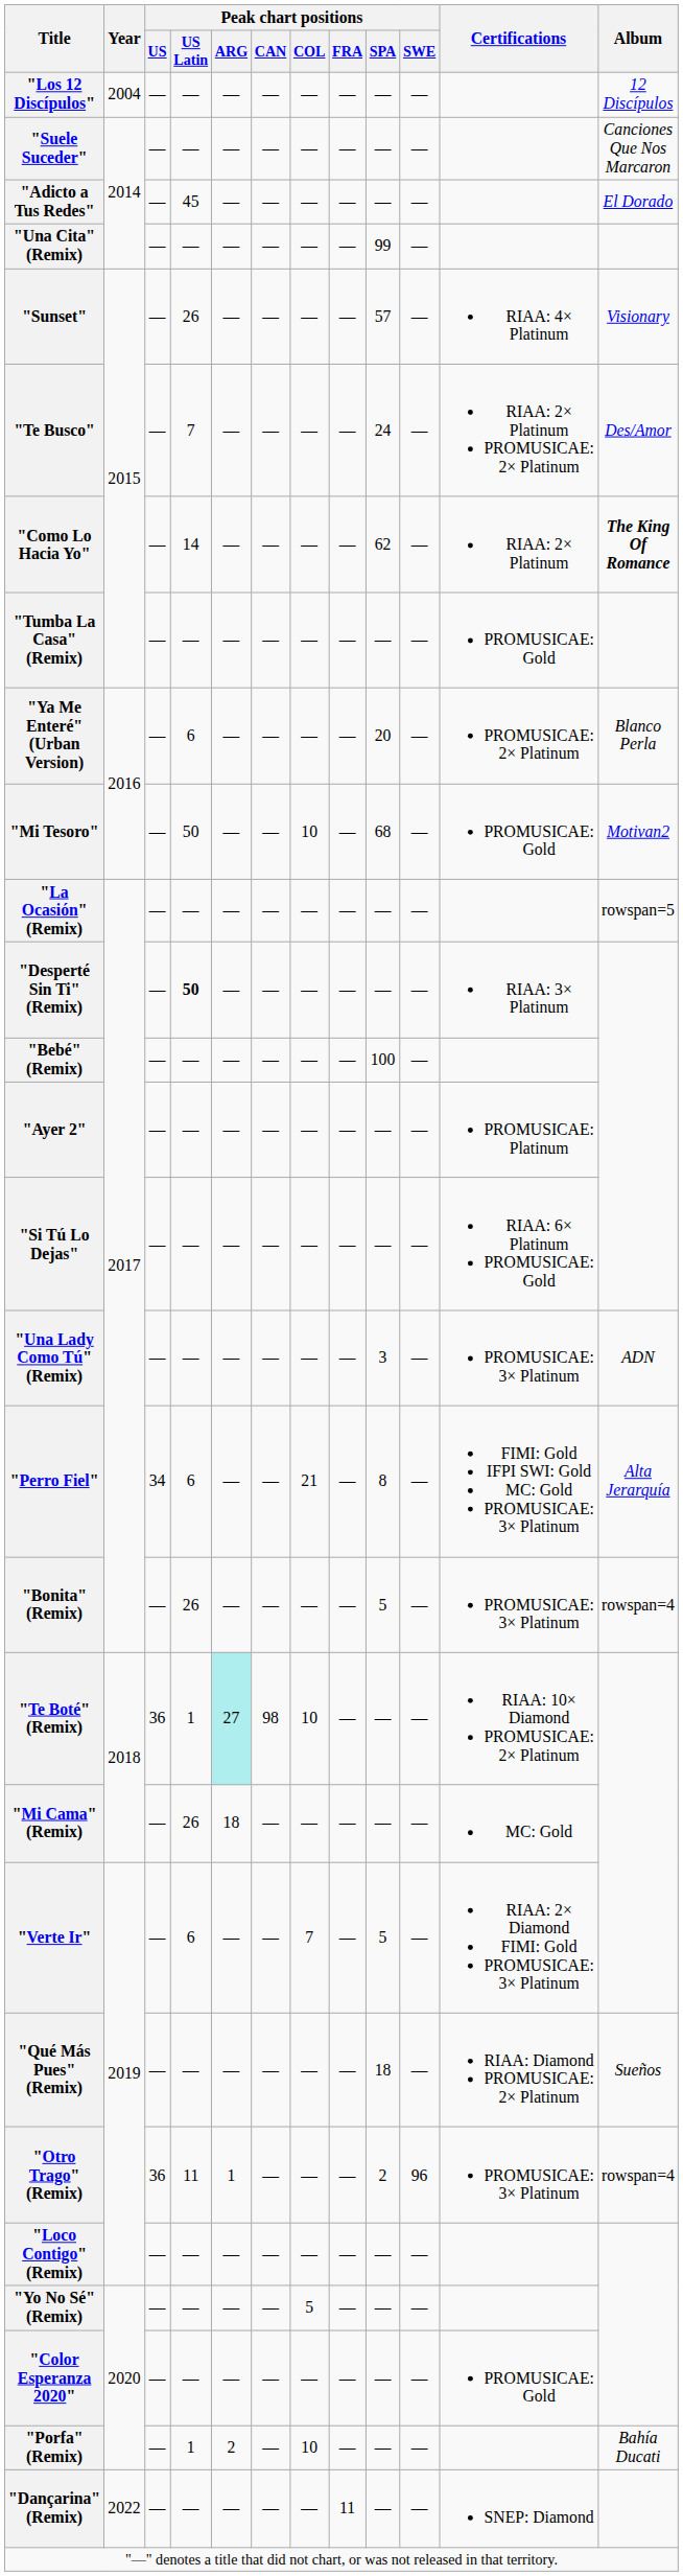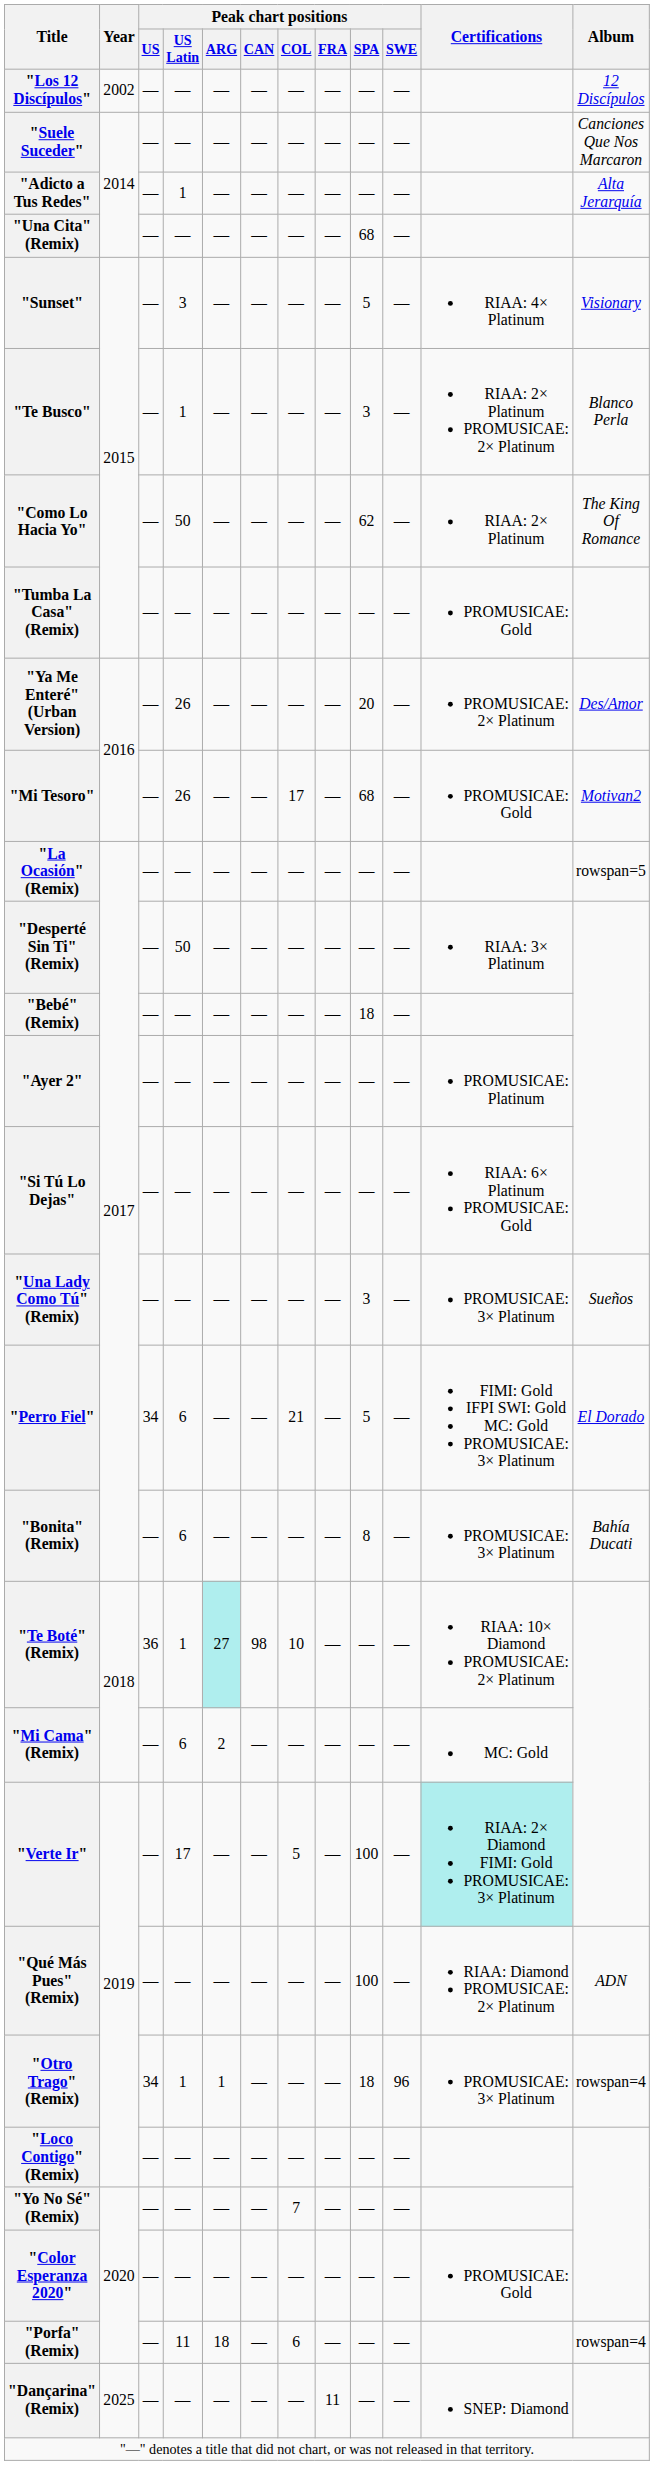 <table class="wikitable plainrowheaders" style="text-align:center;">
 <tr>
 <th scope="col" rowspan="2" style="width:15em;">Title</th>
 <th scope="col" rowspan="2">Year</th>
 <th colspan="8" scope="col">Peak chart positions</th>
 <th scope="col" rowspan="2" style="width:16em;"><a href='#'>Certifications</a></th>
 <th scope="col" rowspan="2">Album</th>
 </tr>
 <tr>
 <th scope="col" style="width:2.5em;font-size:90%;"><a href='#'>US</a><br></th>
 <th scope="col" style="width:2.5em;font-size:90%;"><a href='#'>US<br>Latin</a><br></th>
 <th scope="col" style="width:2.5em;font-size:90%;"><a href='#'>ARG</a><br></th>
 <th scope="col" style="width:2.5em;font-size:90%;"><a href='#'>CAN</a><br></th>
 <th scope="col" style="width:2.5em;font-size:90%;"><a href='#'>COL</a><br></th>
 <th scope="col" style="width:2.5em;font-size:90%;"><a href='#'>FRA</a><br></th>
 <th scope="col" style="width:2.5em;font-size:90%;"><a href='#'>SPA</a><br></th>
 <th scope="col" style="width:2.5em;font-size:90%;"><a href='#'>SWE</a><br></th>
 </tr>
 <tr>
 <th scope="row">"<a href='#'>Los 12 Discípulos</a>"<br></th>
-<td>2004</td>
+<td>2002</td>
 <td>—</td>
 <td>—</td>
 <td>—</td>
 <td>—</td>
 <td>—</td>
 <td>—</td>
 <td>—</td>
 <td>—</td>
 <td></td>
 <td><em><a href='#'>12 Discípulos</a></em></td>
 </tr>
 <tr>
 <th scope="row">"<a href='#'>Suele Suceder</a>"<br></th>
 <td rowspan=3>2014</td>
 <td>—</td>
 <td>—</td>
 <td>—</td>
 <td>—</td>
 <td>—</td>
 <td>—</td>
 <td>—</td>
 <td>—</td>
 <td></td>
 <td><em>Canciones Que Nos Marcaron</em></td>
 </tr>
 <tr>
 <th scope="row">"Adicto a Tus Redes"<br></th>
 <td>—</td>
-<td>45</td>
+<td>1</td>
 <td>—</td>
 <td>—</td>
 <td>—</td>
 <td>—</td>
 <td>—</td>
 <td>—</td>
 <td></td>
-<td><em><a href='#'>El Dorado</a></em></td>
+<td><em><a href='#'>Alta Jerarquía</a></em></td>
 </tr>
 <tr>
 <th scope="row">"Una Cita" (Remix)<br></th>
 <td>—</td>
 <td>—</td>
 <td>—</td>
 <td>—</td>
 <td>—</td>
 <td>—</td>
-<td>99</td>
+<td>68</td>
 <td>—</td>
 <td></td>
 <td></td>
 </tr>
 <tr>
 <th scope="row">"Sunset"<br></th>
 <td rowspan=4>2015</td>
 <td>—</td>
-<td>26</td>
+<td>3</td>
 <td>—</td>
 <td>—</td>
 <td>—</td>
 <td>—</td>
-<td>57</td>
+<td>5</td>
 <td>—</td>
 <td><br><ul><li>RIAA: 4× Platinum </li></ul></td>
 <td><em><a href='#'>Visionary</a></em></td>
 </tr>
 <tr>
 <th scope="row">"Te Busco"<br></th>
 <td>—</td>
-<td>7</td>
+<td>1</td>
 <td>—</td>
 <td>—</td>
 <td>—</td>
 <td>—</td>
-<td>24</td>
+<td>3</td>
 <td>—</td>
 <td><br><ul><li>RIAA: 2× Platinum </li><li>PROMUSICAE: 2× Platinum</li></ul></td>
-<td><em><a href='#'>Des/Amor</a></em></td>
+<td><em>Blanco Perla</em></td>
 </tr>
 <tr>
 <th scope="row">"Como Lo Hacia Yo"<br></th>
 <td>—</td>
-<td>14</td>
+<td>50</td>
 <td>—</td>
 <td>—</td>
 <td>—</td>
 <td>—</td>
 <td>62</td>
 <td>—</td>
 <td><br><ul><li>RIAA: 2× Platinum </li></ul></td>
-<td><strong><em>The King Of Romance</em></strong></td>
+<td><em>The King Of Romance</em></td>
 </tr>
 <tr>
 <th scope="row">"Tumba La Casa" (Remix)<br></th>
 <td>—</td>
 <td>—</td>
 <td>—</td>
 <td>—</td>
 <td>—</td>
 <td>—</td>
 <td>—</td>
 <td>—</td>
 <td><br><ul><li>PROMUSICAE: Gold</li></ul></td>
 <td></td>
 </tr>
 <tr>
 <th scope="row">"Ya Me Enteré" (Urban Version)<br></th>
 <td rowspan=2>2016</td>
 <td>—</td>
-<td>6</td>
+<td>26</td>
 <td>—</td>
 <td>—</td>
 <td>—</td>
 <td>—</td>
 <td>20</td>
 <td>—</td>
 <td><br><ul><li>PROMUSICAE: 2× Platinum</li></ul></td>
-<td><em>Blanco Perla</em></td>
+<td><em><a href='#'>Des/Amor</a></em></td>
 </tr>
 <tr>
 <th scope="row">"Mi Tesoro"<br></th>
 <td>—</td>
-<td>50</td>
+<td>26</td>
 <td>—</td>
 <td>—</td>
-<td>10</td>
+<td>17</td>
 <td>—</td>
 <td>68</td>
 <td>—</td>
 <td><br><ul><li>PROMUSICAE: Gold</li></ul></td>
 <td><em><a href='#'>Motivan2</a></em></td>
 </tr>
 <tr>
 <th scope="row ">"<a href='#'>La Ocasión</a>" (Remix)<br></th>
 <td rowspan="8">2017</td>
 <td>—</td>
 <td>—</td>
 <td>—</td>
 <td>—</td>
 <td>—</td>
 <td>—</td>
 <td>—</td>
 <td>—</td>
 <td></td>
 <td>rowspan=5 </td>
 </tr>
 <tr>
 <th scope="row ">"Desperté Sin Ti" (Remix)<br></th>
 <td>—</td>
-<td><strong>50</strong></td>
+<td>50</td>
 <td>—</td>
 <td>—</td>
 <td>—</td>
 <td>—</td>
 <td>—</td>
 <td>—</td>
 <td><br><ul><li>RIAA: 3× Platinum </li></ul></td>
 </tr>
 <tr>
 <th scope="row ">"Bebé" (Remix)<br></th>
 <td>—</td>
 <td>—</td>
 <td>—</td>
 <td>—</td>
 <td>—</td>
 <td>—</td>
-<td>100</td>
+<td>18</td>
 <td>—</td>
 <td></td>
 </tr>
 <tr>
 <th scope="row ">"Ayer 2"<br></th>
 <td>—</td>
 <td>—</td>
 <td>—</td>
 <td>—</td>
 <td>—</td>
 <td>—</td>
 <td>—</td>
 <td>—</td>
 <td><br><ul><li>PROMUSICAE: Platinum</li></ul></td>
 </tr>
 <tr>
 <th scope="row ">"Si Tú Lo Dejas"<br></th>
 <td>—</td>
 <td>—</td>
 <td>—</td>
 <td>—</td>
 <td>—</td>
 <td>—</td>
 <td>—</td>
 <td>—</td>
 <td><br><ul><li>RIAA: 6× Platinum </li><li>PROMUSICAE: Gold</li></ul></td>
 </tr>
 <tr>
 <th scope="row ">"<a href='#'>Una Lady Como Tú</a>" (Remix)<br></th>
 <td>—</td>
 <td>—</td>
 <td>—</td>
 <td>—</td>
 <td>—</td>
 <td>—</td>
 <td>3</td>
 <td>—</td>
 <td><br><ul><li>PROMUSICAE: 3× Platinum</li></ul></td>
-<td><em>ADN</em></td>
+<td><em>Sueños</em></td>
 </tr>
 <tr>
 <th scope="row ">"<a href='#'>Perro Fiel</a>"<br></th>
 <td>34</td>
 <td>6</td>
 <td>—</td>
 <td>—</td>
 <td>21</td>
 <td>—</td>
-<td>8</td>
+<td>5</td>
 <td>—</td>
 <td><br><ul><li>FIMI: Gold</li><li>IFPI SWI: Gold</li><li>MC: Gold</li><li>PROMUSICAE: 3× Platinum</li></ul></td>
-<td><em><a href='#'>Alta Jerarquía</a></em></td>
+<td><em><a href='#'>El Dorado</a></em></td>
 </tr>
 <tr>
 <th scope="row ">"Bonita" (Remix)<br></th>
 <td>—</td>
-<td>26</td>
+<td>6</td>
 <td>—</td>
 <td>—</td>
 <td>—</td>
 <td>—</td>
-<td>5</td>
+<td>8</td>
 <td>—</td>
 <td><br><ul><li>PROMUSICAE: 3× Platinum</li></ul></td>
-<td>rowspan=4 </td>
+<td><em>Bahía Ducati</em></td>
 </tr>
 <tr>
 <th scope="row">"<a href='#'>Te Boté</a>" (Remix)<br></th>
 <td rowspan=2>2018</td>
 <td>36</td>
 <td>1</td>
 <td style="background: paleturquoise;">27</td>
 <td>98</td>
 <td>10</td>
 <td>—</td>
 <td>—</td>
 <td>—</td>
 <td><br><ul><li>RIAA: 10× Diamond </li><li>PROMUSICAE: 2× Platinum</li></ul></td>
 </tr>
 <tr>
 <th scope="row">"<a href='#'>Mi Cama</a>" (Remix)<br></th>
 <td>—</td>
-<td>26</td>
-<td>18</td>
+<td>6</td>
+<td>2</td>
 <td>—</td>
 <td>—</td>
 <td>—</td>
 <td>—</td>
 <td>—</td>
 <td><br><ul><li>MC: Gold</li></ul></td>
 </tr>
 <tr>
 <th scope="row">"<a href='#'>Verte Ir</a>"<br></th>
 <td rowspan="4">2019</td>
 <td>—</td>
-<td>6</td>
+<td>17</td>
 <td>—</td>
-<td>—</td>
-<td>7</td>
 <td>—</td>
 <td>5</td>
 <td>—</td>
-<td><br><ul><li>RIAA: 2× Diamond </li><li>FIMI: Gold</li><li>PROMUSICAE: 3× Platinum</li></ul></td>
+<td>100</td>
+<td>—</td>
+<td style="background: paleturquoise;"><br><ul><li>RIAA: 2× Diamond </li><li>FIMI: Gold</li><li>PROMUSICAE: 3× Platinum</li></ul></td>
 </tr>
 <tr>
 <th scope="row">"Qué Más Pues" (Remix)<br></th>
 <td>—</td>
 <td>—</td>
 <td>—</td>
 <td>—</td>
 <td>—</td>
 <td>—</td>
-<td>18</td>
+<td>100</td>
 <td>—</td>
 <td><br><ul><li>RIAA: Diamond </li><li>PROMUSICAE: 2× Platinum</li></ul></td>
-<td><em>Sueños</em></td>
+<td><em>ADN</em></td>
 </tr>
 <tr>
 <th scope="row">"<a href='#'>Otro Trago</a>" (Remix)<br></th>
-<td>36</td>
-<td>11</td>
+<td>34</td>
+<td>1</td>
 <td>1</td>
 <td>—</td>
 <td>—</td>
 <td>—</td>
-<td>2</td>
+<td>18</td>
 <td>96</td>
 <td><br><ul><li>PROMUSICAE: 3× Platinum</li></ul></td>
 <td>rowspan=4 </td>
 </tr>
 <tr>
 <th scope="row">"<a href='#'>Loco Contigo</a>" (Remix)<br></th>
 <td>—</td>
 <td>—</td>
 <td>—</td>
 <td>—</td>
 <td>—</td>
 <td>—</td>
 <td>—</td>
 <td>—</td>
 <td></td>
 </tr>
 <tr>
 <th scope="row">"Yo No Sé" (Remix)<br></th>
 <td rowspan=3>2020</td>
 <td>—</td>
 <td>—</td>
 <td>—</td>
 <td>—</td>
-<td>5</td>
+<td>7</td>
 <td>—</td>
 <td>—</td>
 <td>—</td>
 <td></td>
 </tr>
 <tr>
 <th scope="row">"<a href='#'>Color Esperanza 2020</a>"<br></th>
 <td>—</td>
 <td>—</td>
 <td>—</td>
 <td>—</td>
 <td>—</td>
 <td>—</td>
 <td>—</td>
 <td>—</td>
 <td><br><ul><li>PROMUSICAE: Gold</li></ul></td>
 </tr>
 <tr>
 <th scope="row">"Porfa" (Remix)<br></th>
 <td>—</td>
-<td>1</td>
-<td>2</td>
+<td>11</td>
+<td>18</td>
 <td>—</td>
-<td>10</td>
+<td>6</td>
 <td>—</td>
 <td>—</td>
 <td>—</td>
 <td></td>
-<td><em>Bahía Ducati</em></td>
+<td>rowspan=4 </td>
 </tr>
 <tr>
 <th scope="row">"Dançarina" (Remix)<br></th>
-<td>2022</td>
+<td>2025</td>
 <td>—</td>
 <td>—</td>
 <td>—</td>
 <td>—</td>
 <td>—</td>
 <td>11</td>
 <td>—</td>
 <td>—</td>
 <td><br><ul><li>SNEP: Diamond</li></ul></td>
 <td></td>
 </tr>
 <tr>
 <td colspan="12" style="font-size:90%">"—" denotes a title that did not chart, or was not released in that territory.</td>
 </tr>
 </table>
